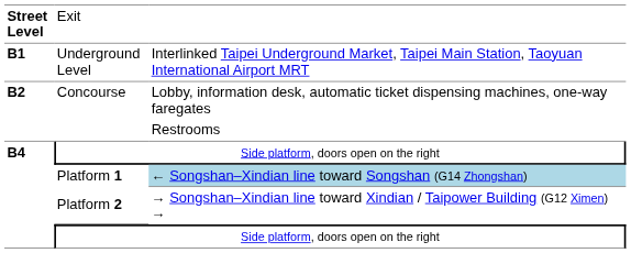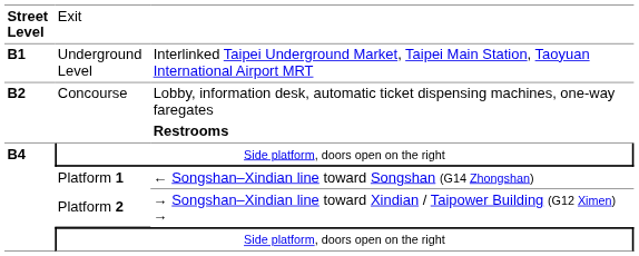 <table border=0 cellspacing=0 cellpadding=3>
 <tr>
 <td style="border-bottom:solid 1px gray;border-top:solid 1px gray;" width=50 valign=top><strong>Street Level</strong></td>
 <td style="border-top:solid 1px gray;border-bottom:solid 1px gray;" width=100 valign=top>Exit</td>
 <td style="border-top:solid 1px gray;border-bottom:solid 1px gray;" width=530 valign=top></td>
 </tr>
 <tr>
 <td style="border-bottom:solid 1px gray;" width=50 valign=top><strong>B1</strong></td>
 <td style="border-bottom:solid 1px gray;" width=100 valign=top>Underground Level</td>
 <td style="border-bottom:solid 1px gray;" width=530 valign=top>Interlinked <a href='#'>Taipei Underground Market</a>, <a href='#'>Taipei Main Station</a>, <a href='#'>Taoyuan International Airport MRT</a></td>
 </tr>
 <tr>
 <td style="border-bottom:solid 1px gray;" rowspan=2 valign=top><strong>B2</strong></td>
 <td style="border-bottom:solid 1px gray;" rowspan=2 valign=top>Concourse</td>
 <td>Lobby, information desk, automatic ticket dispensing machines, one-way faregates</td>
 </tr>
 <tr>
-<td style="border-bottom:solid 1px gray;">Restrooms</td>
+<td style="border-bottom:solid 1px gray;"><strong>Restrooms</strong></td>
 </tr>
 <tr>
 <td style="border-bottom:solid 1px gray;" width=50 rowspan=5 valign=top><strong>B4</strong></td>
 </tr>
 <tr>
 <td style="border-right:solid 2px black;border-left:solid 2px black;border-bottom:solid 2px black;text-align:center;" colspan=2><small><a href='#'>Side platform</a>, doors open on the right</small></td>
 </tr>
 <tr>
 <td>Platform <span><strong>1</strong></span></td>
-<td style="background: lightblue;">←  <a href='#'>Songshan–Xindian line</a> toward <a href='#'>Songshan</a> <small>(G14 <a href='#'>Zhongshan</a>)</small></td>
+<td>←  <a href='#'>Songshan–Xindian line</a> toward <a href='#'>Songshan</a> <small>(G14 <a href='#'>Zhongshan</a>)</small></td>
 </tr>
 <tr>
 <td style="border-bottom:solid 1px gray;">Platform <span><strong>2</strong></span></td>
 <td style="border-top:solid 1px gray;"><span>→</span>  <a href='#'>Songshan–Xindian line</a> toward <a href='#'>Xindian</a> / <a href='#'>Taipower Building</a> <small>(G12 <a href='#'>Ximen</a>)</small> →</td>
 </tr>
 <tr>
 <td style="border-top:solid 2px black;border-right:solid 2px black;border-left:solid 2px black;border-bottom:solid 1px gray;text-align:center;" colspan=2><small><a href='#'>Side platform</a>, doors open on the right</small></td>
 </tr>
 <tr>
 </tr>
 </table>
